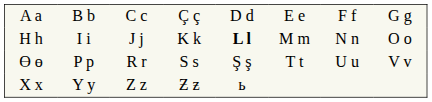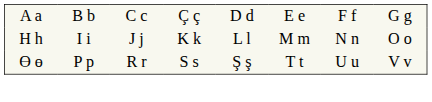 <table style="font-family:Arial Unicode MS; font-size:1.4em; border-color:#000000; border-width:1px; border-style:solid; border-collapse:collapse; background-color:#F8F8EF">
 <tr>
 <td style="width:3em; text-align:center; padding: 3px;">A a</td>
 <td style="width:3em; text-align:center; padding: 3px;">B b</td>
 <td style="width:3em; text-align:center; padding: 3px;">C c</td>
 <td style="width:3em; text-align:center; padding: 3px;">Ç ç</td>
 <td style="width:3em; text-align:center; padding: 3px;">D d</td>
 <td style="width:3em; text-align:center; padding: 3px;">E e</td>
 <td style="width:3em; text-align:center; padding: 3px;">F f</td>
 <td style="width:3em; text-align:center; padding: 3px;">G g</td>
 </tr>
 <tr>
 <td style="width:3em; text-align:center; padding: 3px;">H h</td>
 <td style="width:3em; text-align:center; padding: 3px;">I i</td>
 <td style="width:3em; text-align:center; padding: 3px;">J j</td>
 <td style="width:3em; text-align:center; padding: 3px;">K k</td>
-<td style="width:3em; text-align:center; padding: 3px;"><strong>L l</strong></td>
+<td style="width:3em; text-align:center; padding: 3px;">L l</td>
 <td style="width:3em; text-align:center; padding: 3px;">M m</td>
 <td style="width:3em; text-align:center; padding: 3px;">N n</td>
 <td style="width:3em; text-align:center; padding: 3px;">O o</td>
 </tr>
 <tr>
 <td style="width:3em; text-align:center; padding: 3px;">Ө ө</td>
 <td style="width:3em; text-align:center; padding: 3px;">P p</td>
 <td style="width:3em; text-align:center; padding: 3px;">R r</td>
 <td style="width:3em; text-align:center; padding: 3px;">S s</td>
 <td style="width:3em; text-align:center; padding: 3px;">Ş ş</td>
 <td style="width:3em; text-align:center; padding: 3px;">T t</td>
 <td style="width:3em; text-align:center; padding: 3px;">U u</td>
 <td style="width:3em; text-align:center; padding: 3px;">V v</td>
 </tr>
-<tr>
-<td style="width:3em; text-align:center; padding: 3px;">X x</td>
-<td style="width:3em; text-align:center; padding: 3px;">Y y</td>
-<td style="width:3em; text-align:center; padding: 3px;">Z z</td>
-<td style="width:3em; text-align:center; padding: 3px;">Ƶ ƶ</td>
-<td style="width:3em; text-align:center; padding: 3px;">ь</td>
-<td></td>
-<td></td>
-<td></td>
-</tr>
 </table>
